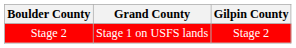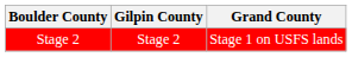 <table class="wikitable" style="text-align: center;">
 <tr>
 <th>Boulder County</th>
+<th>Gilpin County</th>
 <th>Grand County</th>
-<th>Gilpin County</th>
 </tr>
 <tr>
 <td style="background: red; color: white;">Stage 2</td>
+<td style="background: red; color: white;">Stage 2</td>
 <td style="background: red; color: white;">Stage 1 on USFS lands</td>
-<td style="background: red; color: white;">Stage 2</td>
 </tr>
 </table>
